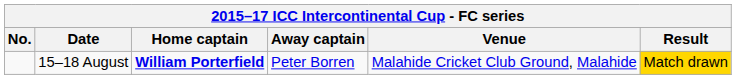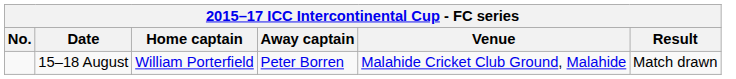 <table class="wikitable">
 <tr>
 <th colspan="6"><a href='#'>2015–17 ICC Intercontinental Cup</a> - FC series</th>
 </tr>
 <tr>
 <th>No.</th>
 <th>Date</th>
 <th>Home captain</th>
 <th>Away captain</th>
 <th>Venue</th>
 <th>Result</th>
 </tr>
 <tr>
 <td></td>
 <td>15–18 August</td>
-<td><strong><a href='#'>William Porterfield</a></strong></td>
+<td><a href='#'>William Porterfield</a></td>
 <td><a href='#'>Peter Borren</a></td>
 <td><a href='#'>Malahide Cricket Club Ground</a>, <a href='#'>Malahide</a></td>
-<td style="background: gold;">Match drawn</td>
+<td>Match drawn</td>
 </tr>
 </table>
